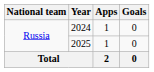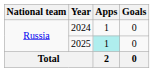 <table class="wikitable" style="text-align:center">
 <tr>
 <th>National team</th>
 <th>Year</th>
 <th>Apps</th>
 <th>Goals</th>
 </tr>
 <tr>
 <td rowspan="2"><a href='#'>Russia</a></td>
 <td>2024</td>
 <td>1</td>
 <td>0</td>
 </tr>
 <tr>
 <td>2025</td>
-<td>1</td>
+<td style="background: paleturquoise;">1</td>
 <td>0</td>
 </tr>
 <tr>
 <th colspan="2">Total</th>
 <th>2</th>
 <th>0</th>
 </tr>
 </table>
